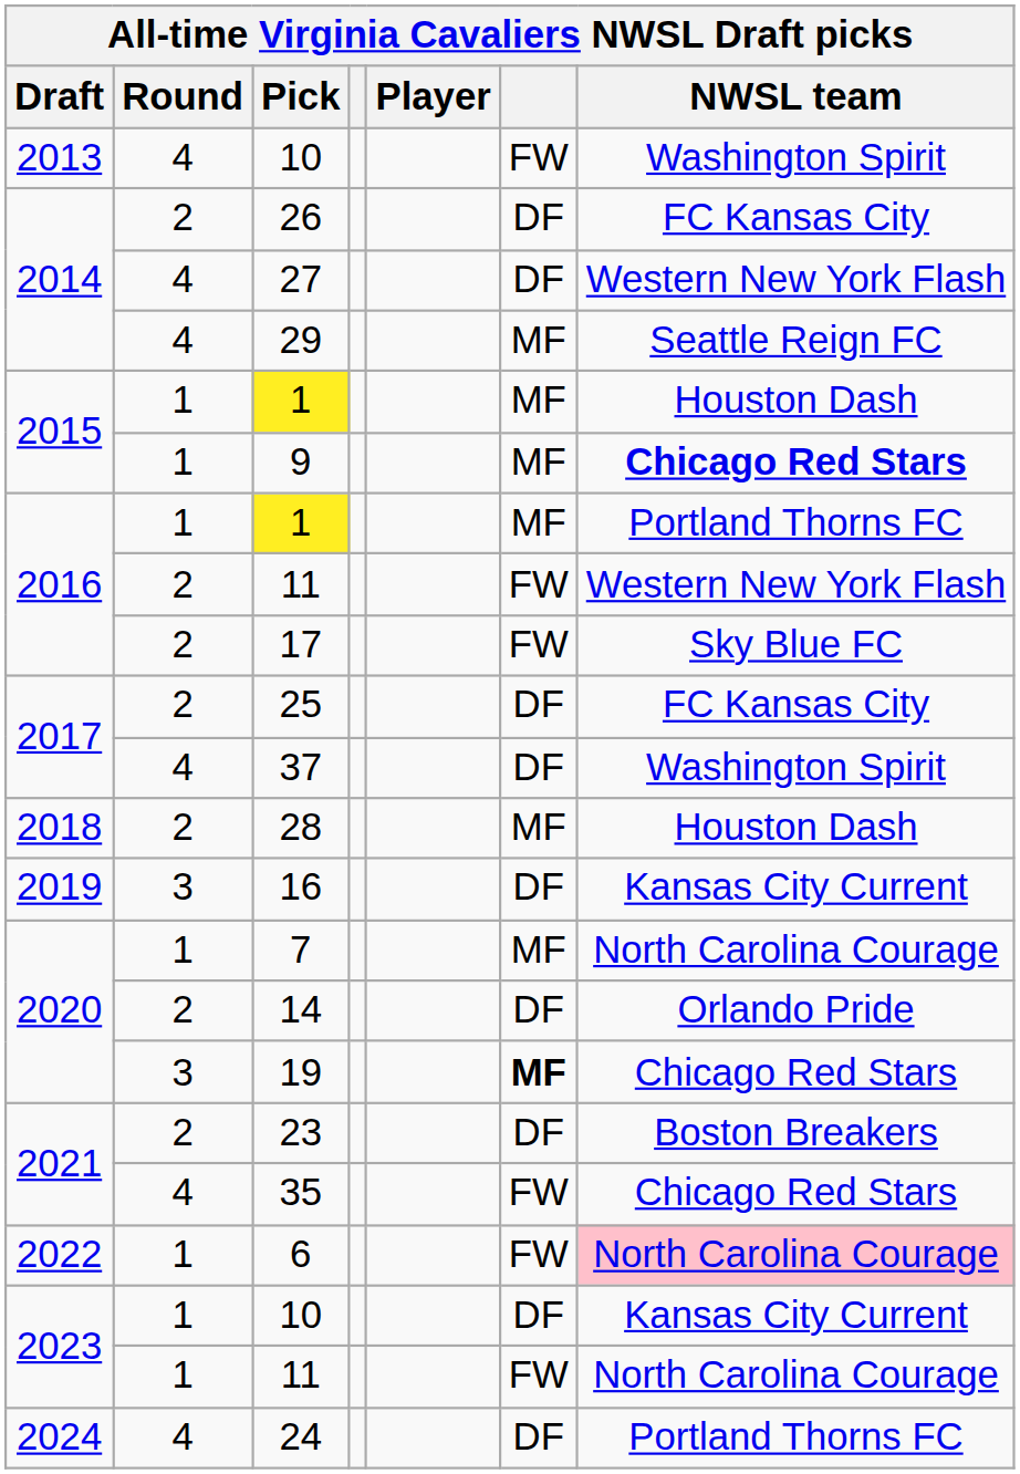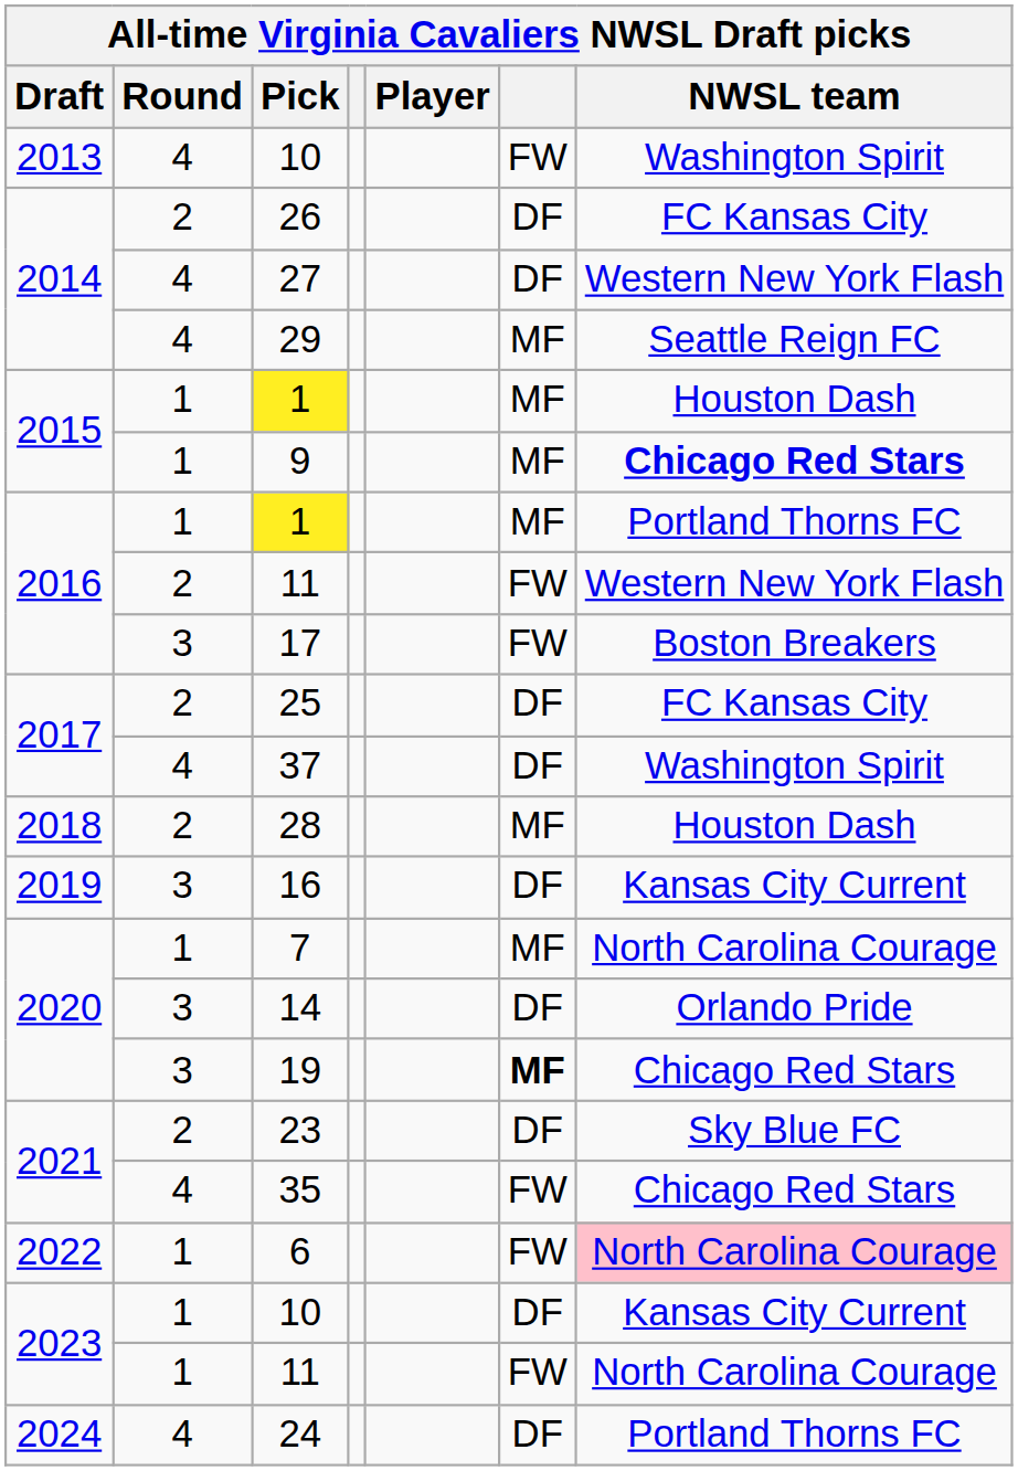 <table class="wikitable sortable" style="text-align: center;">
 <tr>
 <th colspan="7" style="background:#">All-time <a href='#'><span>Virginia Cavaliers</span></a> NWSL Draft picks</th>
 </tr>
 <tr>
 <th scope="col">Draft</th>
 <th scope="col">Round</th>
 <th scope="col">Pick</th>
 <th scope="col"></th>
 <th scope="col">Player</th>
 <th scope="col"></th>
 <th scope="col">NWSL team</th>
 </tr>
 <tr>
 <td><a href='#'>2013</a></td>
 <td>4</td>
 <td>10</td>
 <td></td>
 <td></td>
 <td>FW</td>
 <td><a href='#'>Washington Spirit</a></td>
 </tr>
 <tr>
 <td rowspan="3"><a href='#'>2014</a></td>
 <td>2</td>
 <td>26</td>
 <td></td>
 <td></td>
 <td>DF</td>
 <td><a href='#'>FC Kansas City</a></td>
 </tr>
 <tr>
 <td>4</td>
 <td>27</td>
 <td></td>
 <td></td>
 <td>DF</td>
 <td><a href='#'>Western New York Flash</a></td>
 </tr>
 <tr>
 <td>4</td>
 <td>29</td>
 <td></td>
 <td></td>
 <td>MF</td>
 <td><a href='#'>Seattle Reign FC</a></td>
 </tr>
 <tr>
 <td rowspan="2"><a href='#'>2015</a></td>
 <td>1</td>
 <td style="background-color:#FE2">1</td>
 <td></td>
 <td></td>
 <td>MF</td>
 <td><a href='#'>Houston Dash</a></td>
 </tr>
 <tr>
 <td>1</td>
 <td>9</td>
 <td></td>
 <td></td>
 <td>MF</td>
 <td><strong><a href='#'>Chicago Red Stars</a></strong></td>
 </tr>
 <tr>
 <td rowspan="3"><a href='#'>2016</a></td>
 <td>1</td>
 <td style="background-color:#FE2">1</td>
 <td></td>
 <td></td>
 <td>MF</td>
 <td><a href='#'>Portland Thorns FC</a></td>
 </tr>
 <tr>
 <td>2</td>
 <td>11</td>
 <td></td>
 <td></td>
 <td>FW</td>
 <td><a href='#'>Western New York Flash</a></td>
 </tr>
 <tr>
-<td>2</td>
+<td>3</td>
 <td>17</td>
 <td></td>
 <td></td>
 <td>FW</td>
-<td><a href='#'>Sky Blue FC</a></td>
+<td><a href='#'>Boston Breakers</a></td>
 </tr>
 <tr>
 <td rowspan="2"><a href='#'>2017</a></td>
 <td>2</td>
 <td>25</td>
 <td></td>
 <td></td>
 <td>DF</td>
 <td><a href='#'>FC Kansas City</a></td>
 </tr>
 <tr>
 <td>4</td>
 <td>37</td>
 <td></td>
 <td></td>
 <td>DF</td>
 <td><a href='#'>Washington Spirit</a></td>
 </tr>
 <tr>
 <td><a href='#'>2018</a></td>
 <td>2</td>
 <td>28</td>
 <td></td>
 <td></td>
 <td>MF</td>
 <td><a href='#'>Houston Dash</a></td>
 </tr>
 <tr>
 <td><a href='#'>2019</a></td>
 <td>3</td>
 <td>16</td>
 <td></td>
 <td></td>
 <td>DF</td>
 <td><a href='#'>Kansas City Current</a></td>
 </tr>
 <tr>
 <td rowspan="3"><a href='#'>2020</a></td>
 <td>1</td>
 <td>7</td>
 <td></td>
 <td></td>
 <td>MF</td>
 <td><a href='#'>North Carolina Courage</a></td>
 </tr>
 <tr>
-<td>2</td>
+<td>3</td>
 <td>14</td>
 <td></td>
 <td></td>
 <td>DF</td>
 <td><a href='#'>Orlando Pride</a></td>
 </tr>
 <tr>
 <td>3</td>
 <td>19</td>
 <td></td>
 <td></td>
 <td><strong>MF</strong></td>
 <td><a href='#'>Chicago Red Stars</a></td>
 </tr>
 <tr>
 <td rowspan="2"><a href='#'>2021</a></td>
 <td>2</td>
 <td>23</td>
 <td></td>
 <td></td>
 <td>DF</td>
-<td><a href='#'>Boston Breakers</a></td>
+<td><a href='#'>Sky Blue FC</a></td>
 </tr>
 <tr>
 <td>4</td>
 <td>35</td>
 <td></td>
 <td></td>
 <td>FW</td>
 <td><a href='#'>Chicago Red Stars</a></td>
 </tr>
 <tr>
 <td><a href='#'>2022</a></td>
 <td>1</td>
 <td>6</td>
 <td></td>
 <td></td>
 <td>FW</td>
 <td style="background: pink;"><a href='#'>North Carolina Courage</a></td>
 </tr>
 <tr>
 <td rowspan="2"><a href='#'>2023</a></td>
 <td>1</td>
 <td>10</td>
 <td></td>
 <td></td>
 <td>DF</td>
 <td><a href='#'>Kansas City Current</a></td>
 </tr>
 <tr>
 <td>1</td>
 <td>11</td>
 <td></td>
 <td></td>
 <td>FW</td>
 <td><a href='#'>North Carolina Courage</a></td>
 </tr>
 <tr>
 <td><a href='#'>2024</a></td>
 <td>4</td>
 <td>24</td>
 <td></td>
 <td></td>
 <td>DF</td>
 <td><a href='#'>Portland Thorns FC</a></td>
 </tr>
 </table>
